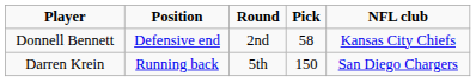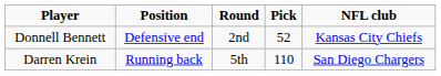 <table class="wikitable" style="width:80%;">
 <tr style="text-align:center; ">
 <td><strong>Player</strong></td>
 <td><strong>Position</strong></td>
 <td><strong>Round</strong></td>
 <td><strong>Pick</strong></td>
 <td><strong>NFL club</strong></td>
 </tr>
 <tr style="text-align:center;">
 <td>Donnell Bennett</td>
 <td><a href='#'>Defensive end</a></td>
 <td>2nd</td>
-<td>58</td>
+<td>52</td>
 <td><a href='#'>Kansas City Chiefs</a></td>
 </tr>
 <tr style="text-align:center;">
 <td>Darren Krein</td>
 <td><a href='#'>Running back</a></td>
 <td>5th</td>
-<td>150</td>
+<td>110</td>
 <td><a href='#'>San Diego Chargers</a></td>
 </tr>
 </table>
